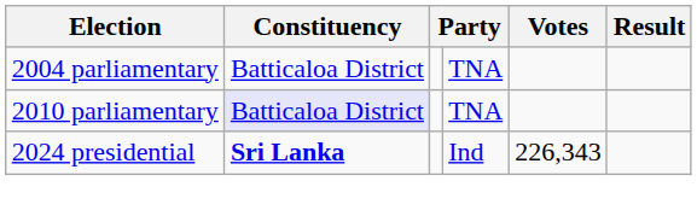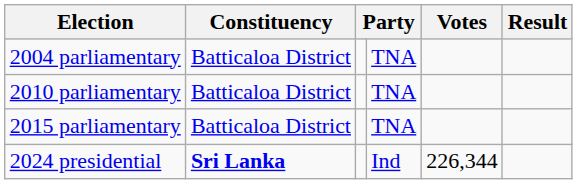 <table class="wikitable" style="text-align:left;">
 <tr>
 <th scope=col>Election</th>
 <th scope=col>Constituency</th>
 <th scope=col colspan="2">Party</th>
 <th scope=col>Votes</th>
 <th scope=col>Result</th>
 </tr>
 <tr>
 <td><a href='#'>2004 parliamentary</a></td>
 <td><a href='#'>Batticaloa District</a></td>
 <td style="background:"></td>
 <td><a href='#'>TNA</a></td>
 <td align=right></td>
 <td></td>
 </tr>
 <tr>
 <td><a href='#'>2010 parliamentary</a></td>
-<td style="background: lavender;"><a href='#'>Batticaloa District</a></td>
+<td><a href='#'>Batticaloa District</a></td>
 <td style="background:"></td>
 <td><a href='#'>TNA</a></td>
 <td align=right></td>
+<td></td>
+</tr>
+<tr>
+<td><a href='#'>2015 parliamentary</a></td>
+<td><a href='#'>Batticaloa District</a></td>
+<td style="background:"></td>
+<td><a href='#'>TNA</a></td>
+<td></td>
 <td></td>
 </tr>
 <tr>
 <td><a href='#'>2024 presidential</a></td>
 <td><strong><a href='#'>Sri Lanka</a></strong></td>
 <td style="background:"></td>
 <td><a href='#'>Ind</a></td>
-<td>226,343</td>
+<td>226,344</td>
 <td></td>
 </tr>
 </table>
